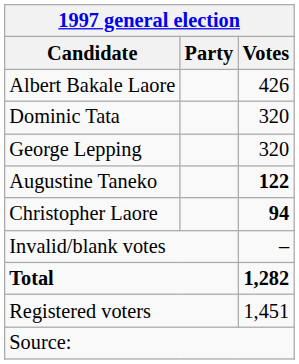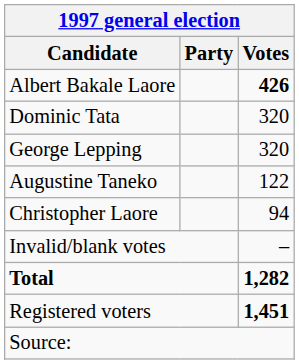 <table class="wikitable" style="text-align:left">
 <tr>
 <th colspan="3"><a href='#'>1997 general election</a></th>
 </tr>
 <tr>
 <th>Candidate</th>
 <th>Party</th>
 <th>Votes</th>
 </tr>
 <tr>
 <td>Albert Bakale Laore</td>
 <td></td>
-<td align="right">426</td>
+<td align="right"><strong>426</strong></td>
 </tr>
 <tr>
 <td>Dominic Tata</td>
 <td></td>
 <td align="right">320</td>
 </tr>
 <tr>
 <td>George Lepping</td>
 <td></td>
 <td align="right">320</td>
 </tr>
 <tr>
 <td>Augustine Taneko</td>
 <td></td>
-<td align="right"><strong>122</strong></td>
+<td align="right">122</td>
 </tr>
 <tr>
 <td>Christopher Laore</td>
 <td></td>
-<td align="right"><strong>94</strong></td>
+<td align="right">94</td>
 </tr>
 <tr>
 <td colspan="2">Invalid/blank votes</td>
 <td align="right">–</td>
 </tr>
 <tr>
 <td colspan="2"><strong>Total</strong></td>
 <td align="right"><strong>1,282</strong></td>
 </tr>
 <tr>
 <td colspan="2">Registered voters</td>
-<td align="right">1,451</td>
+<td align="right"><strong>1,451</strong></td>
 </tr>
 <tr>
 <td colspan="3">Source: </td>
 </tr>
 </table>
